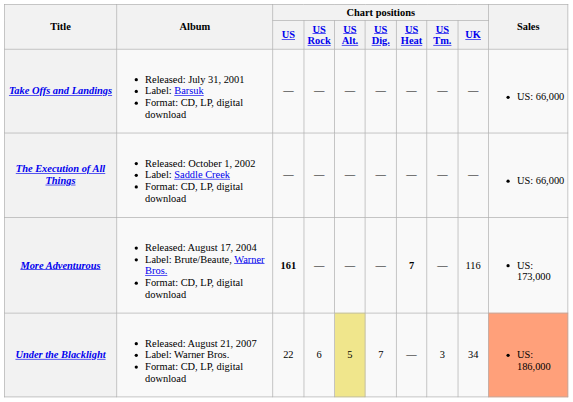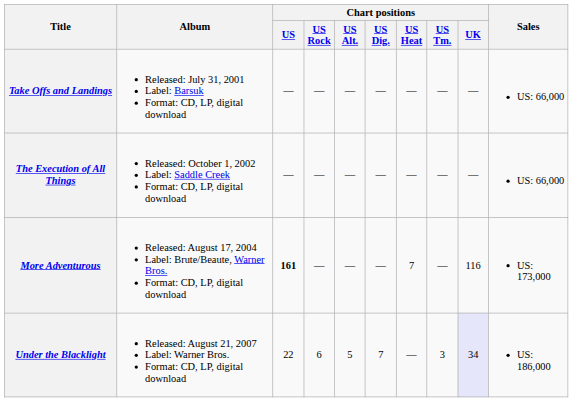 <table class="wikitable plainrowheaders">
 <tr>
 <th scope="col" rowspan="2">Title</th>
 <th scope="col" rowspan="2">Album</th>
 <th colspan="7">Chart positions</th>
 <th scope="col" rowspan="2">Sales</th>
 </tr>
 <tr>
 <th width=40px><a href='#'>US</a><br></th>
 <th width=40px><a href='#'>US<br>Rock</a><br></th>
 <th width=40px><a href='#'>US<br>Alt.</a><br></th>
 <th width=40px><a href='#'>US<br>Dig.</a><br></th>
 <th width=40px><a href='#'>US<br>Heat</a><br></th>
 <th width=40px><a href='#'>US<br>Tm.</a><br></th>
 <th width=40px><a href='#'>UK</a><br></th>
 </tr>
 <tr>
 <th scope="row"><em><a href='#'>Take Offs and Landings</a></em></th>
 <td><br><ul><li>Released: July 31, 2001</li><li>Label: <a href='#'>Barsuk</a></li><li>Format: CD, LP, digital download</li></ul></td>
 <td align="center">—</td>
 <td align="center">—</td>
 <td align="center">—</td>
 <td align="center">—</td>
 <td align="center">—</td>
 <td align="center">—</td>
 <td align="center">—</td>
 <td><br><ul><li>US: 66,000</li></ul></td>
 </tr>
 <tr>
 <th scope="row"><em><a href='#'>The Execution of All Things</a></em></th>
 <td><br><ul><li>Released: October 1, 2002</li><li>Label: <a href='#'>Saddle Creek</a></li><li>Format: CD, LP, digital download</li></ul></td>
 <td align="center">—</td>
 <td align="center">—</td>
 <td align="center">—</td>
 <td align="center">—</td>
 <td align="center">—</td>
 <td align="center">—</td>
 <td align="center">—</td>
 <td><br><ul><li>US: 66,000</li></ul></td>
 </tr>
 <tr>
 <th scope="row"><em><a href='#'>More Adventurous</a></em></th>
 <td><br><ul><li>Released: August 17, 2004</li><li>Label: Brute/Beaute, <a href='#'>Warner Bros.</a></li><li>Format: CD, LP, digital download</li></ul></td>
 <td align="center"><strong>161</strong></td>
 <td align="center">—</td>
 <td align="center">—</td>
 <td align="center">—</td>
-<td align="center"><strong>7</strong></td>
+<td align="center">7</td>
 <td align="center">—</td>
 <td align="center">116</td>
 <td><br><ul><li>US: 173,000</li></ul></td>
 </tr>
 <tr>
 <th scope="row"><em><a href='#'>Under the Blacklight</a></em></th>
 <td><br><ul><li>Released: August 21, 2007</li><li>Label: Warner Bros.</li><li>Format: CD, LP, digital download</li></ul></td>
 <td align="center">22</td>
 <td align="center">6</td>
-<td align="center" style="background: khaki;">5</td>
+<td align="center">5</td>
 <td align="center">7</td>
 <td align="center">—</td>
 <td align="center">3</td>
-<td align="center">34</td>
-<td style="background: lightsalmon;"><br><ul><li>US: 186,000</li></ul></td>
+<td align="center" style="background: lavender;">34</td>
+<td><br><ul><li>US: 186,000</li></ul></td>
 </tr>
 </table>
